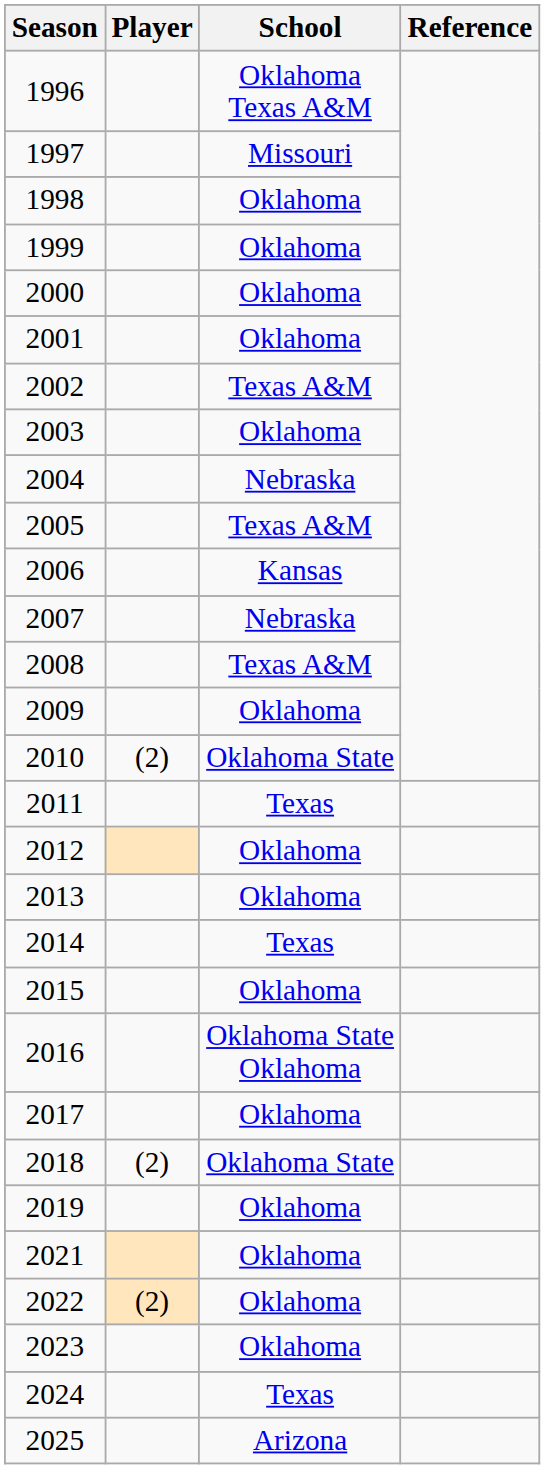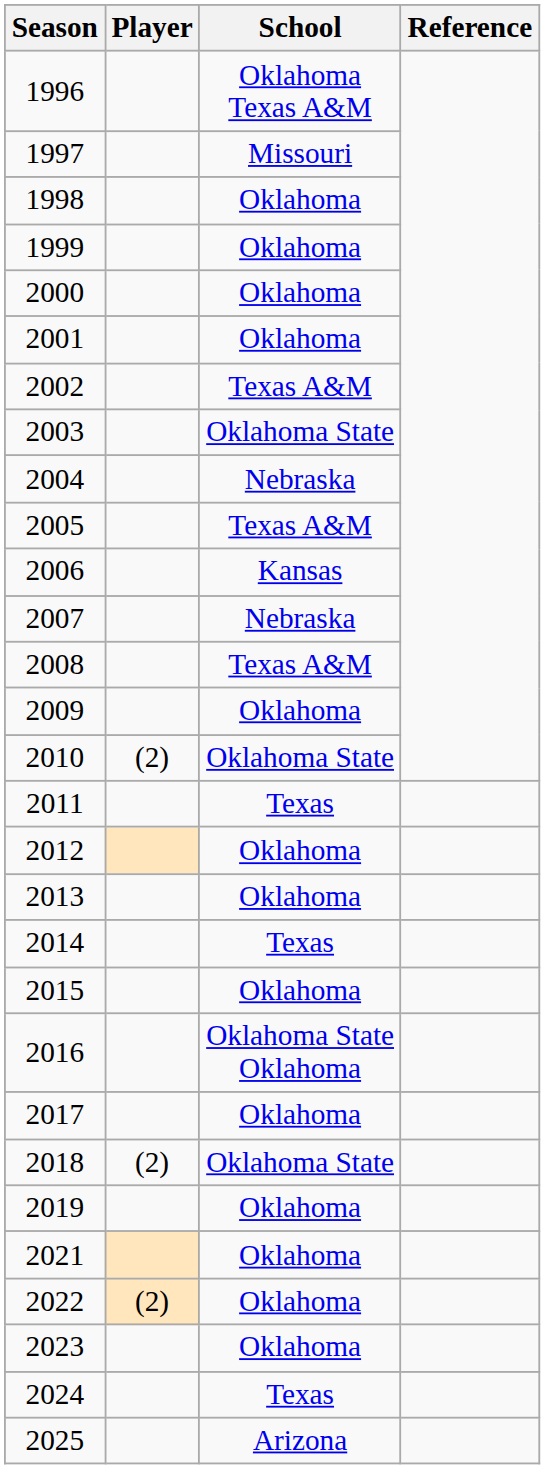 <table class="wikitable sortable">
 <tr>
 <th>Season</th>
 <th>Player</th>
 <th>School</th>
 <th class="unsortable">Reference</th>
 </tr>
 <tr align=center>
 <td>1996</td>
 <td><br></td>
 <td><a href='#'>Oklahoma</a><br><a href='#'>Texas A&M</a></td>
 <td rowspan="15"></td>
 </tr>
 <tr align=center>
 <td>1997</td>
 <td></td>
 <td><a href='#'>Missouri</a></td>
 </tr>
 <tr align=center>
 <td>1998</td>
 <td></td>
 <td><a href='#'>Oklahoma</a></td>
 </tr>
 <tr align=center>
 <td>1999</td>
 <td></td>
 <td><a href='#'>Oklahoma</a></td>
 </tr>
 <tr align=center>
 <td>2000</td>
 <td></td>
 <td><a href='#'>Oklahoma</a></td>
 </tr>
 <tr align=center>
 <td>2001</td>
 <td></td>
 <td><a href='#'>Oklahoma</a></td>
 </tr>
 <tr align=center>
 <td>2002</td>
 <td></td>
 <td><a href='#'>Texas A&M</a></td>
 </tr>
 <tr align=center>
 <td>2003</td>
 <td></td>
-<td><a href='#'>Oklahoma</a></td>
+<td><a href='#'>Oklahoma State</a></td>
 </tr>
 <tr align=center>
 <td>2004</td>
 <td></td>
 <td><a href='#'>Nebraska</a></td>
 </tr>
 <tr align=center>
 <td>2005</td>
 <td></td>
 <td><a href='#'>Texas A&M</a></td>
 </tr>
 <tr align=center>
 <td>2006</td>
 <td></td>
 <td><a href='#'>Kansas</a></td>
 </tr>
 <tr align=center>
 <td>2007</td>
 <td></td>
 <td><a href='#'>Nebraska</a></td>
 </tr>
 <tr align=center>
 <td>2008</td>
 <td></td>
 <td><a href='#'>Texas A&M</a></td>
 </tr>
 <tr align=center>
 <td>2009</td>
 <td></td>
 <td><a href='#'>Oklahoma</a></td>
 </tr>
 <tr align=center>
 <td>2010</td>
 <td> (2)</td>
 <td><a href='#'>Oklahoma State</a></td>
 </tr>
 <tr align=center>
 <td>2011</td>
 <td></td>
 <td><a href='#'>Texas</a></td>
 <td style="text-align:center;"></td>
 </tr>
 <tr align=center>
 <td>2012</td>
 <td style="background:#ffe6bd;"></td>
 <td><a href='#'>Oklahoma</a></td>
 <td style="text-align:center;"></td>
 </tr>
 <tr align=center>
 <td>2013</td>
 <td></td>
 <td><a href='#'>Oklahoma</a></td>
 <td style="text-align:center;"></td>
 </tr>
 <tr align=center>
 <td>2014</td>
 <td></td>
 <td><a href='#'>Texas</a></td>
 <td style="text-align:center;"></td>
 </tr>
 <tr align=center>
 <td>2015</td>
 <td></td>
 <td><a href='#'>Oklahoma</a></td>
 <td style="text-align:center;"></td>
 </tr>
 <tr align=center>
 <td>2016</td>
 <td> <br></td>
 <td><a href='#'>Oklahoma State</a><br><a href='#'>Oklahoma</a></td>
 <td style="text-align:center;"></td>
 </tr>
 <tr align=center>
 <td>2017</td>
 <td></td>
 <td><a href='#'>Oklahoma</a></td>
 <td style="text-align:center;"></td>
 </tr>
 <tr align=center>
 <td>2018</td>
 <td> (2)</td>
 <td><a href='#'>Oklahoma State</a></td>
 <td style="text-align:center;"></td>
 </tr>
 <tr align=center>
 <td>2019</td>
 <td></td>
 <td><a href='#'>Oklahoma</a></td>
 <td style="text-align:center;"></td>
 </tr>
 <tr align=center>
 <td>2021</td>
 <td style="background:#ffe6bd;"></td>
 <td><a href='#'>Oklahoma</a></td>
 <td style="text-align:center;"></td>
 </tr>
 <tr align=center>
 <td>2022</td>
 <td style="background:#ffe6bd;"> (2)</td>
 <td><a href='#'>Oklahoma</a></td>
 <td style="text-align:center;"></td>
 </tr>
 <tr align=center>
 <td>2023</td>
 <td></td>
 <td><a href='#'>Oklahoma</a></td>
 <td style="text-align:center;"></td>
 </tr>
 <tr align=center>
 <td>2024</td>
 <td></td>
 <td><a href='#'>Texas</a></td>
 <td style="text-align:center;"></td>
 </tr>
 <tr align=center>
 <td>2025</td>
 <td></td>
 <td><a href='#'>Arizona</a></td>
 <td style="text-align:center;"></td>
 </tr>
 </table>
